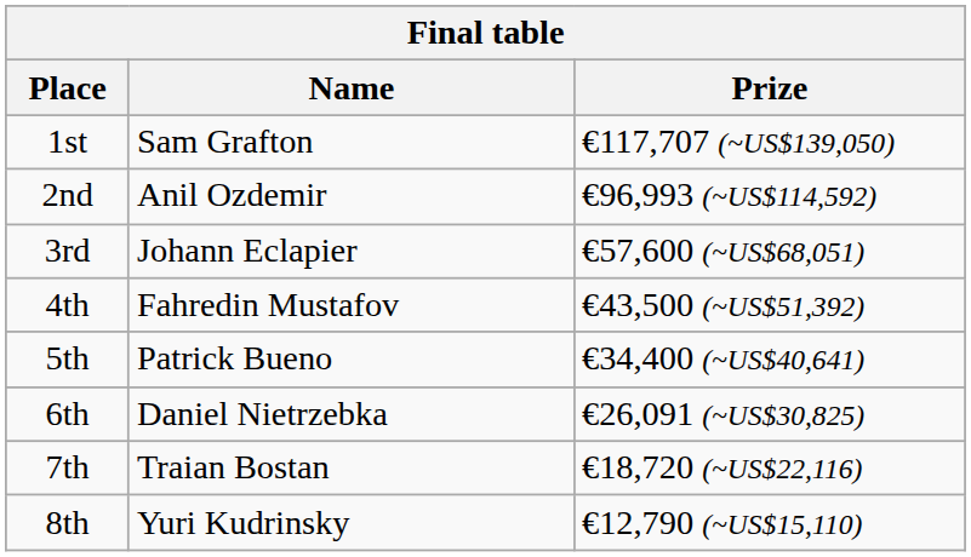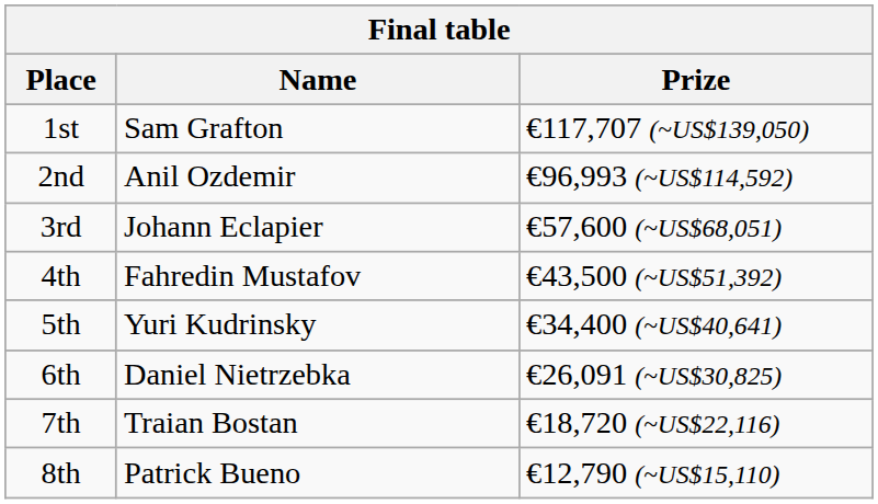 <table class="wikitable">
 <tr>
 <th colspan="3">Final table</th>
 </tr>
 <tr>
 <th style="width:50px;">Place</th>
 <th style="width:200px;">Name</th>
 <th style="width:175px;">Prize</th>
 </tr>
 <tr>
 <td style="text-align:center;">1st</td>
 <td> Sam Grafton</td>
 <td>€117,707 <small><em>(~US$139,050)</em></small></td>
 </tr>
 <tr>
 <td style="text-align:center;">2nd</td>
 <td> Anil Ozdemir</td>
 <td>€96,993 <small><em>(~US$114,592)</em></small></td>
 </tr>
 <tr>
 <td style="text-align:center;">3rd</td>
 <td> Johann Eclapier</td>
 <td>€57,600 <small><em>(~US$68,051)</em></small></td>
 </tr>
 <tr>
 <td style="text-align:center;">4th</td>
 <td> Fahredin Mustafov</td>
 <td>€43,500 <small><em>(~US$51,392)</em></small></td>
 </tr>
 <tr>
 <td style="text-align:center;">5th</td>
-<td> Patrick Bueno</td>
+<td> Yuri Kudrinsky</td>
 <td>€34,400 <small><em>(~US$40,641)</em></small></td>
 </tr>
 <tr>
 <td style="text-align:center;">6th</td>
 <td> Daniel Nietrzebka</td>
 <td>€26,091 <small><em>(~US$30,825)</em></small></td>
 </tr>
 <tr>
 <td style="text-align:center;">7th</td>
 <td> Traian Bostan</td>
 <td>€18,720 <small><em>(~US$22,116)</em></small></td>
 </tr>
 <tr>
 <td style="text-align:center;">8th</td>
-<td> Yuri Kudrinsky</td>
+<td> Patrick Bueno</td>
 <td>€12,790 <small><em>(~US$15,110)</em></small></td>
 </tr>
 </table>
